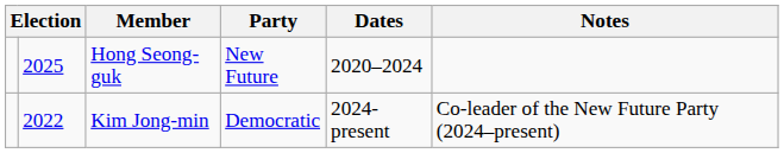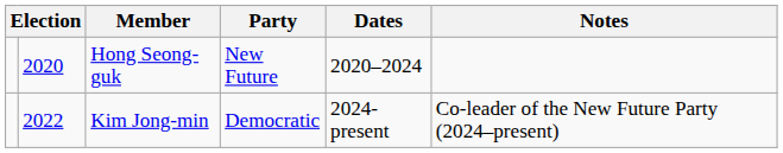 <table class="wikitable">
 <tr>
 <th colspan="2">Election</th>
 <th>Member</th>
 <th>Party</th>
 <th>Dates</th>
 <th>Notes</th>
 </tr>
 <tr>
 <td></td>
-<td><a href='#'>2025</a></td>
+<td><a href='#'>2020</a></td>
 <td><a href='#'>Hong Seong-guk</a></td>
 <td><a href='#'>New Future</a></td>
 <td>2020–2024</td>
 <td></td>
 </tr>
 <tr>
 <td></td>
 <td><a href='#'>2022</a></td>
 <td><a href='#'>Kim Jong-min</a></td>
 <td><a href='#'>Democratic</a></td>
 <td>2024-present</td>
 <td>Co-leader of the New Future Party (2024–present)</td>
 </tr>
 </table>
